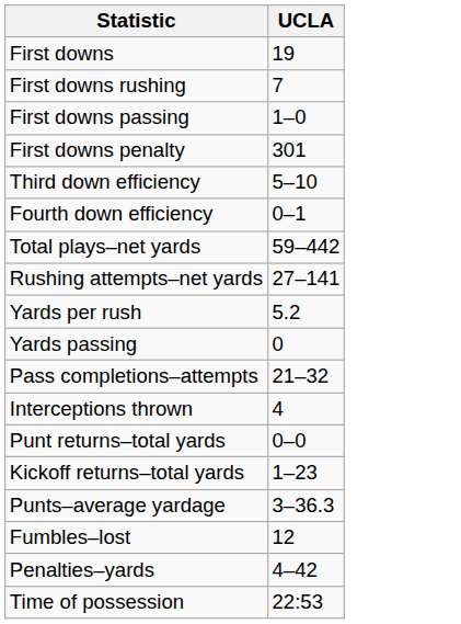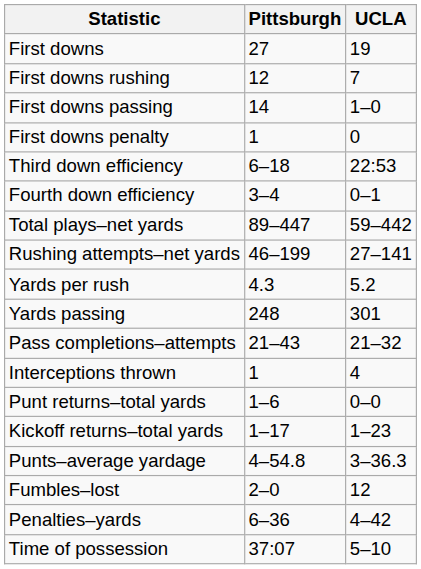 <table class="wikitable">
 <tr>
 <th>Statistic</th>
+<th><strong>Pittsburgh</strong></th>
 <th><strong>UCLA</strong></th>
 </tr>
 <tr>
 <td>First downs</td>
+<td>27</td>
 <td>19</td>
 </tr>
 <tr>
 <td>First downs rushing</td>
+<td>12</td>
 <td>7</td>
 </tr>
 <tr>
 <td>First downs passing</td>
+<td>14</td>
 <td>1–0</td>
 </tr>
 <tr>
 <td>First downs penalty</td>
-<td>301</td>
+<td>1</td>
+<td>0</td>
 </tr>
 <tr>
 <td>Third down efficiency</td>
-<td>5–10</td>
+<td>6–18</td>
+<td>22:53</td>
 </tr>
 <tr>
 <td>Fourth down efficiency</td>
+<td>3–4</td>
 <td>0–1</td>
 </tr>
 <tr>
 <td>Total plays–net yards</td>
+<td>89–447</td>
 <td>59–442</td>
 </tr>
 <tr>
 <td>Rushing attempts–net yards</td>
+<td>46–199</td>
 <td>27–141</td>
 </tr>
 <tr>
 <td>Yards per rush</td>
+<td>4.3</td>
 <td>5.2</td>
 </tr>
 <tr>
 <td>Yards passing</td>
-<td>0</td>
+<td>248</td>
+<td>301</td>
 </tr>
 <tr>
 <td>Pass completions–attempts</td>
+<td>21–43</td>
 <td>21–32</td>
 </tr>
 <tr>
 <td>Interceptions thrown</td>
+<td>1</td>
 <td>4</td>
 </tr>
 <tr>
 <td>Punt returns–total yards</td>
+<td>1–6</td>
 <td>0–0</td>
 </tr>
 <tr>
 <td>Kickoff returns–total yards</td>
+<td>1–17</td>
 <td>1–23</td>
 </tr>
 <tr>
 <td>Punts–average yardage</td>
+<td>4–54.8</td>
 <td>3–36.3</td>
 </tr>
 <tr>
 <td>Fumbles–lost</td>
+<td>2–0</td>
 <td>12</td>
 </tr>
 <tr>
 <td>Penalties–yards</td>
+<td>6–36</td>
 <td>4–42</td>
 </tr>
 <tr>
 <td>Time of possession</td>
-<td>22:53</td>
+<td>37:07</td>
+<td>5–10</td>
 </tr>
 </table>
